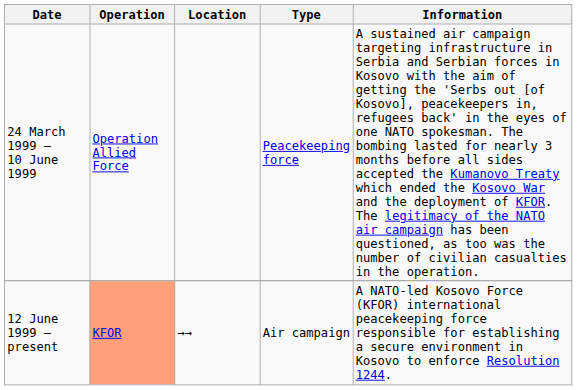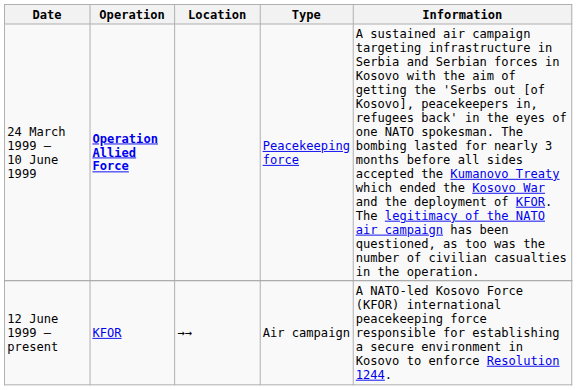 <table class="wikitable">
 <tr>
 <th width=15%>Date</th>
 <th width=15%>Operation</th>
 <th width=15%>Location</th>
 <th width=15%>Type</th>
 <th>Information</th>
 </tr>
 <tr>
 <td>24 March 1999 –<br>10 June 1999</td>
-<td><a href='#'>Operation Allied Force</a></td>
+<td><strong><a href='#'>Operation Allied Force</a></strong></td>
 <td></td>
 <td><a href='#'>Peacekeeping force</a></td>
 <td>A sustained air campaign targeting infrastructure in Serbia and Serbian forces in Kosovo with the aim of getting the 'Serbs out [of Kosovo], peacekeepers in, refugees back' in the eyes of one NATO spokesman. The bombing lasted for nearly 3 months before all sides accepted the <a href='#'>Kumanovo Treaty</a> which ended the <a href='#'>Kosovo War</a> and the deployment of <a href='#'>KFOR</a>. The <a href='#'>legitimacy of the NATO air campaign</a> has been questioned, as too was the number of civilian casualties in the operation.</td>
 </tr>
 <tr>
 </tr>
 <tr>
 <td>12 June 1999 –<br>present</td>
-<td style="background: lightsalmon;"><a href='#'>KFOR</a></td>
+<td><a href='#'>KFOR</a></td>
 <td>→→</td>
 <td>Air campaign</td>
 <td>A NATO-led Kosovo Force (KFOR) international peacekeeping force responsible for establishing a secure environment in Kosovo to enforce <a href='#'>Resolution 1244</a>.</td>
 </tr>
 </table>
